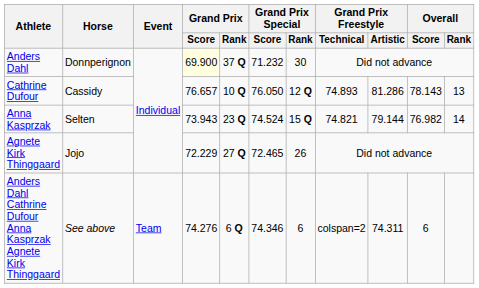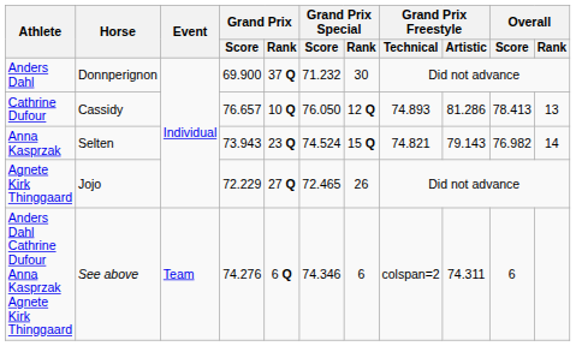 <table class=wikitable style="font-size:90%">
 <tr>
 <th rowspan="2">Athlete</th>
 <th rowspan="2">Horse</th>
 <th rowspan="2">Event</th>
 <th colspan="2">Grand Prix</th>
 <th colspan="2">Grand Prix Special</th>
 <th colspan="2">Grand Prix Freestyle</th>
 <th colspan="2">Overall</th>
 </tr>
 <tr style="font-size:95%">
 <th>Score</th>
 <th>Rank</th>
 <th>Score</th>
 <th>Rank</th>
 <th>Technical</th>
 <th>Artistic</th>
 <th>Score</th>
 <th>Rank</th>
 </tr>
 <tr align=center>
 <td align=left><a href='#'>Anders Dahl</a></td>
 <td align=left>Donnperignon</td>
 <td rowspan=4 align=left><a href='#'>Individual</a></td>
-<td style="background: lightyellow;">69.900</td>
+<td>69.900</td>
 <td>37 <strong>Q</strong></td>
 <td>71.232</td>
 <td>30</td>
 <td colspan=4>Did not advance</td>
 </tr>
 <tr align=center>
 <td align=left><a href='#'>Cathrine Dufour</a></td>
 <td align=left>Cassidy</td>
 <td>76.657</td>
 <td>10 <strong>Q</strong></td>
 <td>76.050</td>
 <td>12 <strong>Q</strong></td>
 <td>74.893</td>
 <td>81.286</td>
-<td>78.143</td>
+<td>78.413</td>
 <td>13</td>
 </tr>
 <tr align=center>
 <td align=left><a href='#'>Anna Kasprzak</a></td>
 <td align=left>Selten</td>
 <td>73.943</td>
 <td>23 <strong>Q</strong></td>
 <td>74.524</td>
 <td>15 <strong>Q</strong></td>
 <td>74.821</td>
-<td>79.144</td>
+<td>79.143</td>
 <td>76.982</td>
 <td>14</td>
 </tr>
 <tr align=center>
 <td align=left><a href='#'>Agnete Kirk Thinggaard</a></td>
 <td align=left>Jojo</td>
 <td>72.229</td>
 <td>27 <strong>Q</strong></td>
 <td>72.465</td>
 <td>26</td>
 <td colspan=4>Did not advance</td>
 </tr>
 <tr align=center>
 <td align=left><a href='#'>Anders Dahl</a><br><a href='#'>Cathrine Dufour</a><br><a href='#'>Anna Kasprzak</a><br><a href='#'>Agnete Kirk Thinggaard</a></td>
 <td align=left><em>See above</em></td>
 <td align=left><a href='#'>Team</a></td>
 <td>74.276</td>
 <td>6 <strong>Q</strong></td>
 <td>74.346</td>
 <td>6</td>
 <td>colspan=2 </td>
 <td>74.311</td>
 <td>6</td>
 </tr>
 </table>
